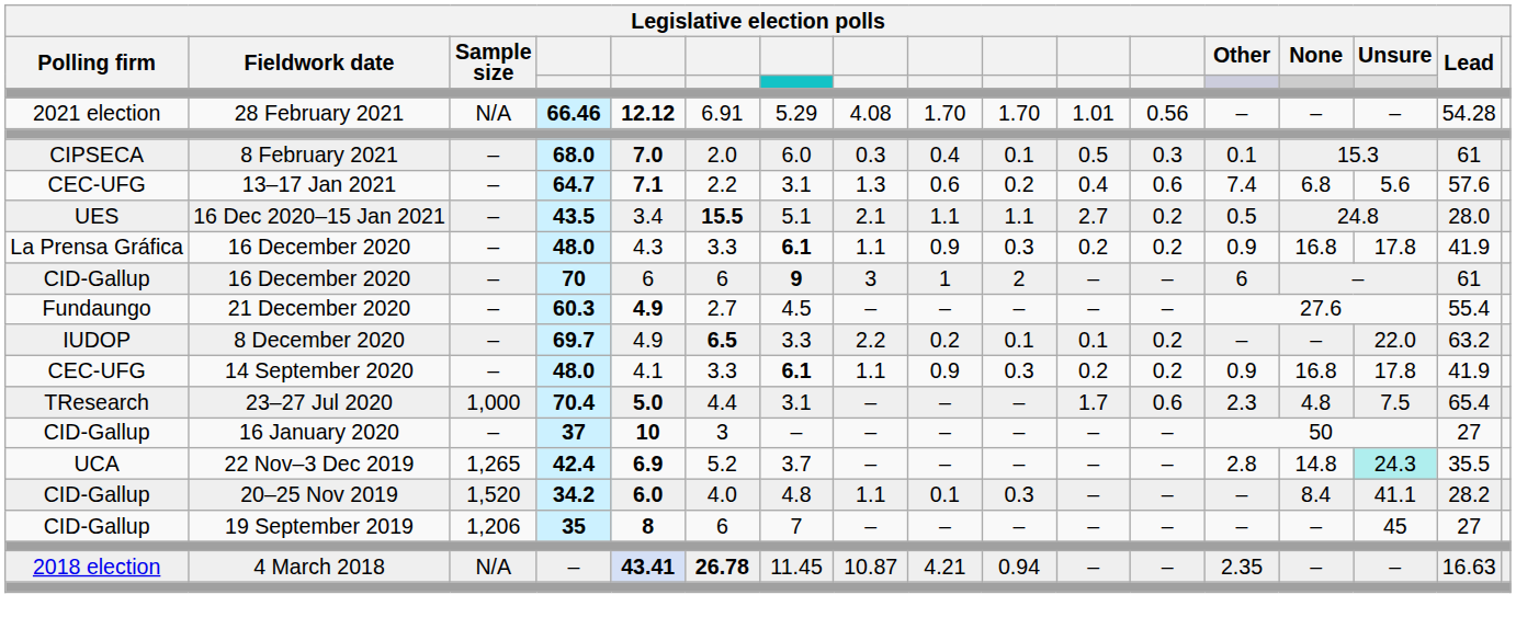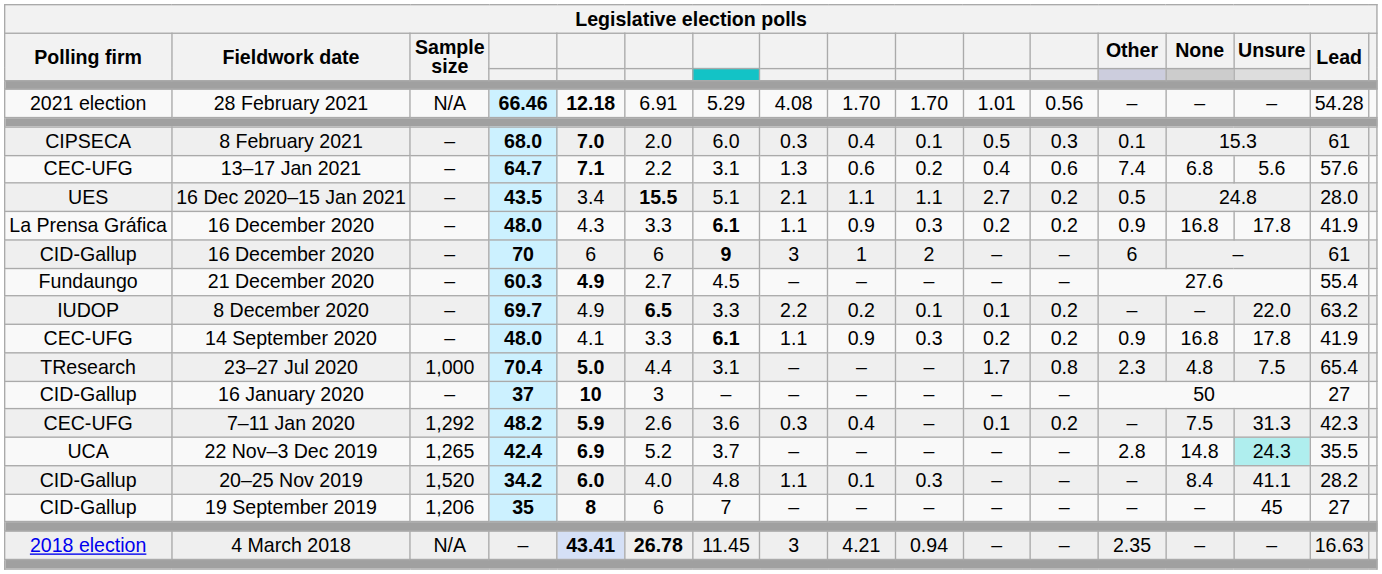 <table class="wikitable" style="text-align:center;font-size:90%;line-height:14px">
 <tr>
 <th colspan="17">Legislative election polls</th>
 </tr>
 <tr>
 <th rowspan="2">Polling firm</th>
 <th rowspan="2">Fieldwork date</th>
 <th rowspan="2">Sample<br>size</th>
 <th style="width:43px;"></th>
 <th style="width:43px;"></th>
 <th style="width:43px;"></th>
 <th style="width:43px;"></th>
 <th style="width:43px;"></th>
 <th style="width:43px;"></th>
 <th style="width:43px;"></th>
 <th style="width:43px;"></th>
 <th style="width:43px;"></th>
 <th style="width:43px;">Other</th>
 <th style="width:43px;">None</th>
 <th style="width:43px;">Unsure</th>
 <th style="width:30px;" rowspan="2">Lead</th>
 <th rowspan="2"></th>
 </tr>
 <tr>
 <th style="background:"></th>
 <th style="background:"></th>
 <th style="background:"></th>
 <th style="background:#13C3C6;"></th>
 <th style="background:"></th>
 <th style="background:"></th>
 <th style="background:"></th>
 <th style="background:"></th>
 <th style="background:"></th>
 <th style="background:#CCCDDD;"></th>
 <th style="background:#CCCCCC;"></th>
 <th style="background:#DDDDDD;"></th>
 </tr>
 <tr>
 <td colspan="17" style="background:#A0A0A0"></td>
 </tr>
 <tr>
 <td>2021 election</td>
 <td>28 February 2021</td>
 <td>N/A</td>
 <td style="background:#CCF1FF;"><strong>66.46</strong><br></td>
-<td><strong>12.12</strong><br></td>
+<td><strong>12.18</strong><br></td>
 <td>6.91<br></td>
 <td>5.29<br></td>
 <td>4.08<br></td>
 <td>1.70<br></td>
 <td>1.70<br></td>
 <td>1.01<br></td>
 <td>0.56<br></td>
 <td>–</td>
 <td>–</td>
 <td>–</td>
 <td style="background:">54.28</td>
 <td></td>
 </tr>
 <tr>
 <td colspan="17" style="background:#A0A0A0"></td>
 </tr>
 <tr style="background:#EFEFEF;">
 <td>CIPSECA</td>
 <td>8 February 2021</td>
 <td>–</td>
 <td style="background:#CCF1FF;"><strong>68.0</strong></td>
 <td><strong>7.0</strong></td>
 <td>2.0</td>
 <td>6.0</td>
 <td>0.3</td>
 <td>0.4</td>
 <td>0.1</td>
 <td>0.5</td>
 <td>0.3</td>
 <td>0.1</td>
 <td colspan="2">15.3</td>
 <td style="background:">61</td>
 <td></td>
 </tr>
 <tr>
 <td>CEC-UFG</td>
 <td>13–17 Jan 2021</td>
 <td>–</td>
 <td style="background:#CCF1FF;"><strong>64.7</strong></td>
 <td><strong>7.1</strong></td>
 <td>2.2</td>
 <td>3.1</td>
 <td>1.3</td>
 <td>0.6</td>
 <td>0.2</td>
 <td>0.4</td>
 <td>0.6</td>
 <td>7.4</td>
 <td>6.8</td>
 <td>5.6</td>
 <td style="background:">57.6</td>
 <td></td>
 </tr>
 <tr style="background:#EFEFEF;">
 <td>UES</td>
 <td>16 Dec 2020–15 Jan 2021</td>
 <td>–</td>
 <td style="background:#CCF1FF;"><strong>43.5</strong></td>
 <td>3.4</td>
 <td><strong>15.5</strong></td>
 <td>5.1</td>
 <td>2.1</td>
 <td>1.1</td>
 <td>1.1</td>
 <td>2.7</td>
 <td>0.2</td>
 <td>0.5</td>
 <td colspan="2">24.8</td>
 <td style="background:">28.0</td>
 <td></td>
 </tr>
 <tr>
 <td>La Prensa Gráfica</td>
 <td>16 December 2020</td>
 <td>–</td>
 <td style="background:#CCF1FF;"><strong>48.0</strong><br></td>
 <td>4.3<br></td>
 <td>3.3<br></td>
 <td><strong>6.1</strong><br></td>
 <td>1.1<br></td>
 <td>0.9<br></td>
 <td>0.3<br></td>
 <td>0.2<br></td>
 <td>0.2<br></td>
 <td>0.9<br></td>
 <td>16.8</td>
 <td>17.8</td>
 <td style="background:">41.9</td>
 <td></td>
 </tr>
 <tr style="background:#EFEFEF;">
 <td>CID-Gallup</td>
 <td>16 December 2020</td>
 <td>–</td>
 <td style="background:#CCF1FF;"><strong>70</strong><br></td>
 <td>6<br></td>
 <td>6<br></td>
 <td><strong>9</strong><br></td>
 <td>3<br></td>
 <td>1<br></td>
 <td>2<br></td>
 <td>–</td>
 <td>–</td>
 <td>6<br></td>
 <td colspan="2">–</td>
 <td style="background:">61</td>
 <td></td>
 </tr>
 <tr>
 <td>Fundaungo</td>
 <td>21 December 2020</td>
 <td>–</td>
 <td style="background:#CCF1FF;"><strong>60.3</strong></td>
 <td><strong>4.9</strong></td>
 <td>2.7</td>
 <td>4.5</td>
 <td>–</td>
 <td>–</td>
 <td>–</td>
 <td>–</td>
 <td>–</td>
 <td colspan="3">27.6</td>
 <td style="background:">55.4</td>
 <td></td>
 </tr>
 <tr style="background:#EFEFEF;">
 <td>IUDOP</td>
 <td>8 December 2020</td>
 <td>–</td>
 <td style="background:#CCF1FF;"><strong>69.7</strong><br></td>
 <td>4.9<br></td>
 <td><strong>6.5</strong><br></td>
 <td>3.3<br></td>
 <td>2.2<br></td>
 <td>0.2<br></td>
 <td>0.1<br></td>
 <td>0.1<br></td>
 <td>0.2<br></td>
 <td>–</td>
 <td>–</td>
 <td>22.0</td>
 <td style="background:">63.2</td>
 <td></td>
 </tr>
 <tr>
 <td>CEC-UFG</td>
 <td>14 September 2020</td>
 <td>–</td>
 <td style="background:#CCF1FF;"><strong>48.0</strong></td>
 <td>4.1</td>
 <td>3.3</td>
 <td><strong>6.1</strong></td>
 <td>1.1</td>
 <td>0.9</td>
 <td>0.3</td>
 <td>0.2</td>
 <td>0.2</td>
 <td>0.9</td>
 <td>16.8</td>
 <td>17.8</td>
 <td style="background:">41.9</td>
 <td></td>
 </tr>
 <tr style="background:#EFEFEF;">
 <td>TResearch</td>
 <td>23–27 Jul 2020</td>
 <td>1,000</td>
 <td style="background:#CCF1FF;"><strong>70.4</strong></td>
 <td><strong>5.0</strong></td>
 <td>4.4</td>
 <td>3.1</td>
 <td>–</td>
 <td>–</td>
 <td>–</td>
 <td>1.7</td>
-<td>0.6</td>
+<td>0.8</td>
 <td>2.3</td>
 <td>4.8</td>
 <td>7.5</td>
 <td style="background:">65.4</td>
 <td></td>
 </tr>
 <tr>
 <td>CID-Gallup</td>
 <td>16 January 2020</td>
 <td>–</td>
 <td style="background:#CCF1FF;"><strong>37</strong></td>
 <td><strong>10</strong></td>
 <td>3</td>
 <td>–</td>
 <td>–</td>
 <td>–</td>
 <td>–</td>
 <td>–</td>
 <td>–</td>
 <td colspan="3">50</td>
 <td style="background:">27</td>
+<td></td>
+</tr>
+<tr style="background:#EFEFEF;">
+<td>CEC-UFG</td>
+<td>7–11 Jan 2020</td>
+<td>1,292</td>
+<td style="background:#CCF1FF;"><strong>48.2</strong></td>
+<td><strong>5.9</strong></td>
+<td>2.6</td>
+<td>3.6</td>
+<td>0.3</td>
+<td>0.4</td>
+<td>–</td>
+<td>0.1</td>
+<td>0.2</td>
+<td>–</td>
+<td>7.5</td>
+<td>31.3</td>
+<td style="background:">42.3</td>
 <td></td>
 </tr>
 <tr>
 <td>UCA</td>
 <td>22 Nov–3 Dec 2019</td>
 <td>1,265</td>
 <td style="background:#CCF1FF;"><strong>42.4</strong></td>
 <td><strong>6.9</strong></td>
 <td>5.2</td>
 <td>3.7</td>
 <td>–</td>
 <td>–</td>
 <td>–</td>
 <td>–</td>
 <td>–</td>
 <td>2.8</td>
 <td>14.8</td>
 <td style="background: paleturquoise;">24.3</td>
 <td style="background:">35.5</td>
 <td></td>
 </tr>
 <tr style="background:#EFEFEF;">
 <td>CID-Gallup</td>
 <td>20–25 Nov 2019</td>
 <td>1,520</td>
 <td style="background:#CCF1FF;"><strong>34.2</strong></td>
 <td><strong>6.0</strong></td>
 <td>4.0</td>
 <td>4.8</td>
 <td>1.1</td>
 <td>0.1</td>
 <td>0.3</td>
 <td>–</td>
 <td>–</td>
 <td>–</td>
 <td>8.4</td>
 <td>41.1</td>
 <td style="background:">28.2</td>
 <td></td>
 </tr>
 <tr>
 <td>CID-Gallup</td>
 <td>19 September 2019</td>
 <td>1,206</td>
 <td style="background:#CCF1FF;"><strong>35</strong></td>
 <td><strong>8</strong></td>
 <td>6</td>
 <td>7</td>
 <td>–</td>
 <td>–</td>
 <td>–</td>
 <td>–</td>
 <td>–</td>
 <td>–</td>
 <td>–</td>
 <td>45</td>
 <td style="background:">27</td>
 <td></td>
 </tr>
 <tr>
 <td colspan="17" style="background:#A0A0A0"></td>
 </tr>
 <tr style="background:#EFEFEF;">
 <td><a href='#'>2018 election</a></td>
 <td>4 March 2018</td>
 <td>N/A</td>
 <td>–</td>
 <td style="background:#D5E0F6;"><strong>43.41</strong><br></td>
 <td><strong>26.78</strong><br></td>
 <td>11.45<br></td>
-<td>10.87<br></td>
+<td>3<br></td>
 <td>4.21<br></td>
 <td>0.94<br></td>
 <td>–</td>
 <td>–</td>
 <td>2.35<br></td>
 <td>–</td>
 <td>–</td>
 <td style="background:">16.63</td>
 <td></td>
 </tr>
 <tr>
 <td colspan="17" style="background:#A0A0A0"></td>
 </tr>
 </table>
